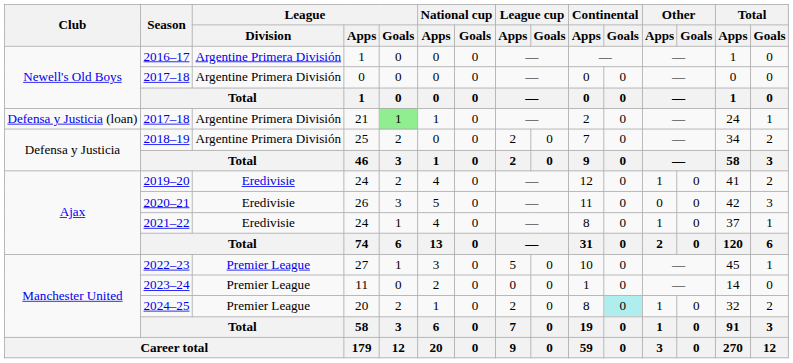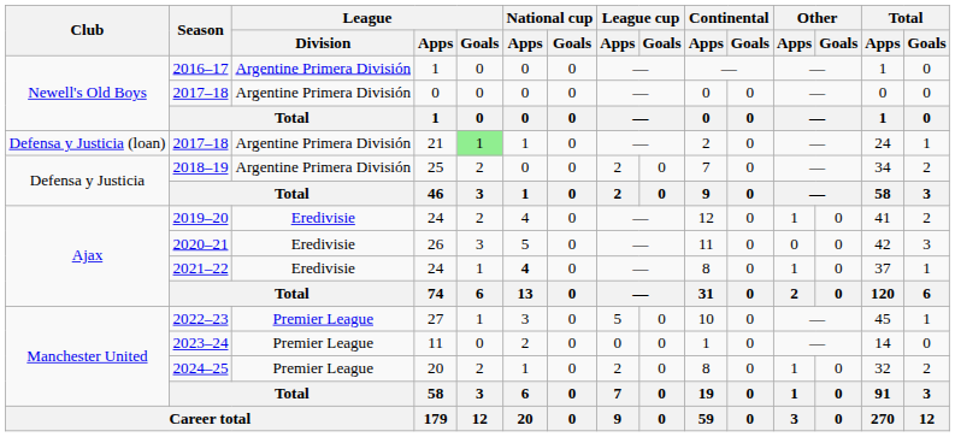 <table class="wikitable" style="text-align: center;">
 <tr>
 <th rowspan="2">Club</th>
 <th rowspan="2">Season</th>
 <th colspan="3">League</th>
 <th colspan="2">National cup</th>
 <th colspan="2">League cup</th>
 <th colspan="2">Continental</th>
 <th colspan="2">Other</th>
 <th colspan="2">Total</th>
 </tr>
 <tr>
 <th>Division</th>
 <th>Apps</th>
 <th>Goals</th>
 <th>Apps</th>
 <th>Goals</th>
 <th>Apps</th>
 <th>Goals</th>
 <th>Apps</th>
 <th>Goals</th>
 <th>Apps</th>
 <th>Goals</th>
 <th>Apps</th>
 <th>Goals</th>
 </tr>
 <tr>
 <td rowspan="3"><a href='#'>Newell's Old Boys</a></td>
 <td><a href='#'>2016–17</a></td>
 <td><a href='#'>Argentine Primera División</a></td>
 <td>1</td>
 <td>0</td>
 <td>0</td>
 <td>0</td>
 <td colspan="2">—</td>
 <td colspan="2">—</td>
 <td colspan="2">—</td>
 <td>1</td>
 <td>0</td>
 </tr>
 <tr>
 <td><a href='#'>2017–18</a></td>
 <td>Argentine Primera División</td>
 <td>0</td>
 <td>0</td>
 <td>0</td>
 <td>0</td>
 <td colspan="2">—</td>
 <td>0</td>
 <td>0</td>
 <td colspan="2">—</td>
 <td>0</td>
 <td>0</td>
 </tr>
 <tr>
 <th colspan="2">Total</th>
 <th>1</th>
 <th>0</th>
 <th>0</th>
 <th>0</th>
 <th colspan="2">—</th>
 <th>0</th>
 <th>0</th>
 <th colspan="2">—</th>
 <th>1</th>
 <th>0</th>
 </tr>
 <tr>
 <td><a href='#'>Defensa y Justicia</a> (loan)</td>
 <td><a href='#'>2017–18</a></td>
 <td>Argentine Primera División</td>
 <td>21</td>
 <td style="background: lightgreen;">1</td>
 <td>1</td>
 <td>0</td>
 <td colspan="2">—</td>
 <td>2</td>
 <td>0</td>
 <td colspan="2">—</td>
 <td>24</td>
 <td>1</td>
 </tr>
 <tr>
 <td rowspan="2">Defensa y Justicia</td>
 <td><a href='#'>2018–19</a></td>
 <td>Argentine Primera División</td>
 <td>25</td>
 <td>2</td>
 <td>0</td>
 <td>0</td>
 <td>2</td>
 <td>0</td>
 <td>7</td>
 <td>0</td>
 <td colspan="2">—</td>
 <td>34</td>
 <td>2</td>
 </tr>
 <tr>
 <th colspan="2">Total</th>
 <th>46</th>
 <th>3</th>
 <th>1</th>
 <th>0</th>
 <th>2</th>
 <th>0</th>
 <th>9</th>
 <th>0</th>
 <th colspan="2">—</th>
 <th>58</th>
 <th>3</th>
 </tr>
 <tr>
 <td rowspan="4"><a href='#'>Ajax</a></td>
 <td><a href='#'>2019–20</a></td>
 <td><a href='#'>Eredivisie</a></td>
 <td>24</td>
 <td>2</td>
 <td>4</td>
 <td>0</td>
 <td colspan="2">—</td>
 <td>12</td>
 <td>0</td>
 <td>1</td>
 <td>0</td>
 <td>41</td>
 <td>2</td>
 </tr>
 <tr>
 <td><a href='#'>2020–21</a></td>
 <td>Eredivisie</td>
 <td>26</td>
 <td>3</td>
 <td>5</td>
 <td>0</td>
 <td colspan="2">—</td>
 <td>11</td>
 <td>0</td>
 <td>0</td>
 <td>0</td>
 <td>42</td>
 <td>3</td>
 </tr>
 <tr>
 <td><a href='#'>2021–22</a></td>
 <td>Eredivisie</td>
 <td>24</td>
 <td>1</td>
-<td>4</td>
+<td><strong>4</strong></td>
 <td>0</td>
 <td colspan="2">—</td>
 <td>8</td>
 <td>0</td>
 <td>1</td>
 <td>0</td>
 <td>37</td>
 <td>1</td>
 </tr>
 <tr>
 <th colspan="2">Total</th>
 <th>74</th>
 <th>6</th>
 <th>13</th>
 <th>0</th>
 <th colspan="2">—</th>
 <th>31</th>
 <th>0</th>
 <th>2</th>
 <th>0</th>
 <th>120</th>
 <th>6</th>
 </tr>
 <tr>
 <td rowspan="4"><a href='#'>Manchester United</a></td>
 <td><a href='#'>2022–23</a></td>
 <td><a href='#'>Premier League</a></td>
 <td>27</td>
 <td>1</td>
 <td>3</td>
 <td>0</td>
 <td>5</td>
 <td>0</td>
 <td>10</td>
 <td>0</td>
 <td colspan="2">—</td>
 <td>45</td>
 <td>1</td>
 </tr>
 <tr>
 <td><a href='#'>2023–24</a></td>
 <td>Premier League</td>
 <td>11</td>
 <td>0</td>
 <td>2</td>
 <td>0</td>
 <td>0</td>
 <td>0</td>
 <td>1</td>
 <td>0</td>
 <td colspan="2">—</td>
 <td>14</td>
 <td>0</td>
 </tr>
 <tr>
 <td><a href='#'>2024–25</a></td>
 <td>Premier League</td>
 <td>20</td>
 <td>2</td>
 <td>1</td>
 <td>0</td>
 <td>2</td>
 <td>0</td>
 <td>8</td>
-<td style="background: paleturquoise;">0</td>
+<td>0</td>
 <td>1</td>
 <td>0</td>
 <td>32</td>
 <td>2</td>
 </tr>
 <tr>
 <th colspan="2">Total</th>
 <th>58</th>
 <th>3</th>
 <th>6</th>
 <th>0</th>
 <th>7</th>
 <th>0</th>
 <th>19</th>
 <th>0</th>
 <th>1</th>
 <th>0</th>
 <th>91</th>
 <th>3</th>
 </tr>
 <tr>
 <th colspan="3">Career total</th>
 <th>179</th>
 <th>12</th>
 <th>20</th>
 <th>0</th>
 <th>9</th>
 <th>0</th>
 <th>59</th>
 <th>0</th>
 <th>3</th>
 <th>0</th>
 <th>270</th>
 <th>12</th>
 </tr>
 </table>
